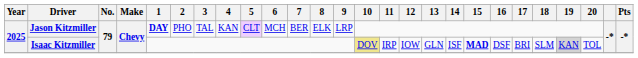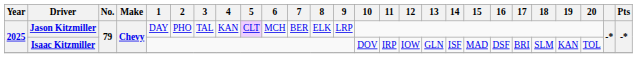 <table class="wikitable" style="text-align:center; font-size:75%">
 <tr>
 <th>Year</th>
 <th>Driver</th>
 <th>No.</th>
 <th>Make</th>
 <th>1</th>
 <th>2</th>
 <th>3</th>
 <th>4</th>
 <th>5</th>
 <th>6</th>
 <th>7</th>
 <th>8</th>
 <th>9</th>
 <th>10</th>
 <th>11</th>
 <th>12</th>
 <th>13</th>
 <th>14</th>
 <th>15</th>
 <th>16</th>
 <th>17</th>
 <th>18</th>
 <th>19</th>
 <th>20</th>
 <th></th>
 <th>Pts</th>
 </tr>
 <tr>
 <th rowspan=2><a href='#'>2025</a></th>
 <th><a href='#'>Jason Kitzmiller</a></th>
 <th rowspan=2>79</th>
 <th rowspan=2><a href='#'>Chevy</a></th>
-<td><strong><a href='#'>DAY</a></strong></td>
+<td><a href='#'>DAY</a></td>
 <td><a href='#'>PHO</a></td>
 <td><a href='#'>TAL</a></td>
 <td><a href='#'>KAN</a></td>
 <td style="background:#EFCFFF;"><a href='#'>CLT</a><br></td>
 <td><a href='#'>MCH</a></td>
 <td><a href='#'>BER</a></td>
 <td><a href='#'>ELK</a></td>
 <td><a href='#'>LRP</a></td>
 <td colspan=11></td>
 <th rowspan=2>-*</th>
 <th rowspan=2>-*</th>
 </tr>
 <tr>
 <th><a href='#'>Isaac Kitzmiller</a></th>
 <td colspan=9></td>
-<td style="background: khaki;"><a href='#'>DOV</a></td>
+<td><a href='#'>DOV</a></td>
 <td><a href='#'>IRP</a></td>
 <td><a href='#'>IOW</a></td>
 <td><a href='#'>GLN</a></td>
 <td><a href='#'>ISF</a></td>
-<td><strong><a href='#'>MAD</a></strong></td>
+<td><a href='#'>MAD</a></td>
 <td><a href='#'>DSF</a></td>
 <td><a href='#'>BRI</a></td>
 <td><a href='#'>SLM</a></td>
-<td style="background: lightgrey;"><a href='#'>KAN</a></td>
+<td><a href='#'>KAN</a></td>
 <td><a href='#'>TOL</a></td>
 </tr>
 <tr>
 </tr>
 </table>
